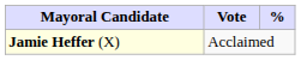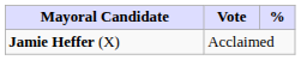 <table class="wikitable">
 <tr>
 <th style="background:#ddf; width:200px;">Mayoral Candidate</th>
 <th style="background:#ddf; width:50px;">Vote</th>
 <th style="background:#ddf; width:30px;">%</th>
 </tr>
 <tr>
-<td style="background: lightyellow;"><strong>Jamie Heffer</strong> (X)</td>
+<td><strong>Jamie Heffer</strong> (X)</td>
 <td colspan="2">Acclaimed</td>
 </tr>
 </table>
